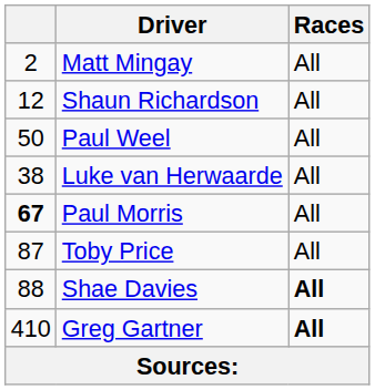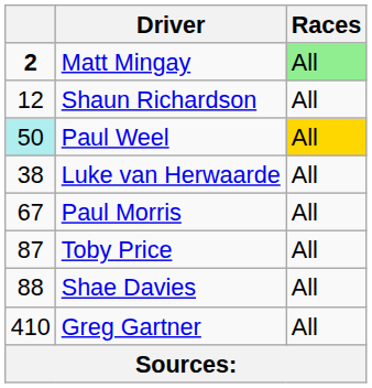 <table class="wikitable" style="font-size: 95%">
 <tr>
 <th></th>
 <th>Driver</th>
 <th>Races</th>
 </tr>
 <tr>
-<td align=center>2</td>
+<td align=center><strong>2</strong></td>
 <td> <a href='#'>Matt Mingay</a></td>
-<td>All</td>
+<td style="background: lightgreen;">All</td>
 </tr>
 <tr>
 <td align=center>12</td>
 <td> <a href='#'>Shaun Richardson</a></td>
 <td>All</td>
 </tr>
 <tr>
-<td align=center>50</td>
+<td align=center style="background: paleturquoise;">50</td>
 <td> <a href='#'>Paul Weel</a></td>
-<td>All</td>
+<td style="background: gold;">All</td>
 </tr>
 <tr>
 <td align=center>38</td>
 <td> <a href='#'>Luke van Herwaarde</a></td>
 <td>All</td>
 </tr>
 <tr>
-<td align=center><strong>67</strong></td>
+<td align=center>67</td>
 <td> <a href='#'>Paul Morris</a></td>
 <td>All</td>
 </tr>
 <tr>
 <td align=center>87</td>
 <td> <a href='#'>Toby Price</a></td>
 <td>All</td>
 </tr>
 <tr>
 <td align=center>88</td>
 <td> <a href='#'>Shae Davies</a></td>
-<td><strong>All</strong></td>
+<td>All</td>
 </tr>
 <tr>
 <td align=center>410</td>
 <td> <a href='#'>Greg Gartner</a></td>
-<td><strong>All</strong></td>
+<td>All</td>
 </tr>
 <tr>
 <th colspan=3>Sources:</th>
 </tr>
 </table>
